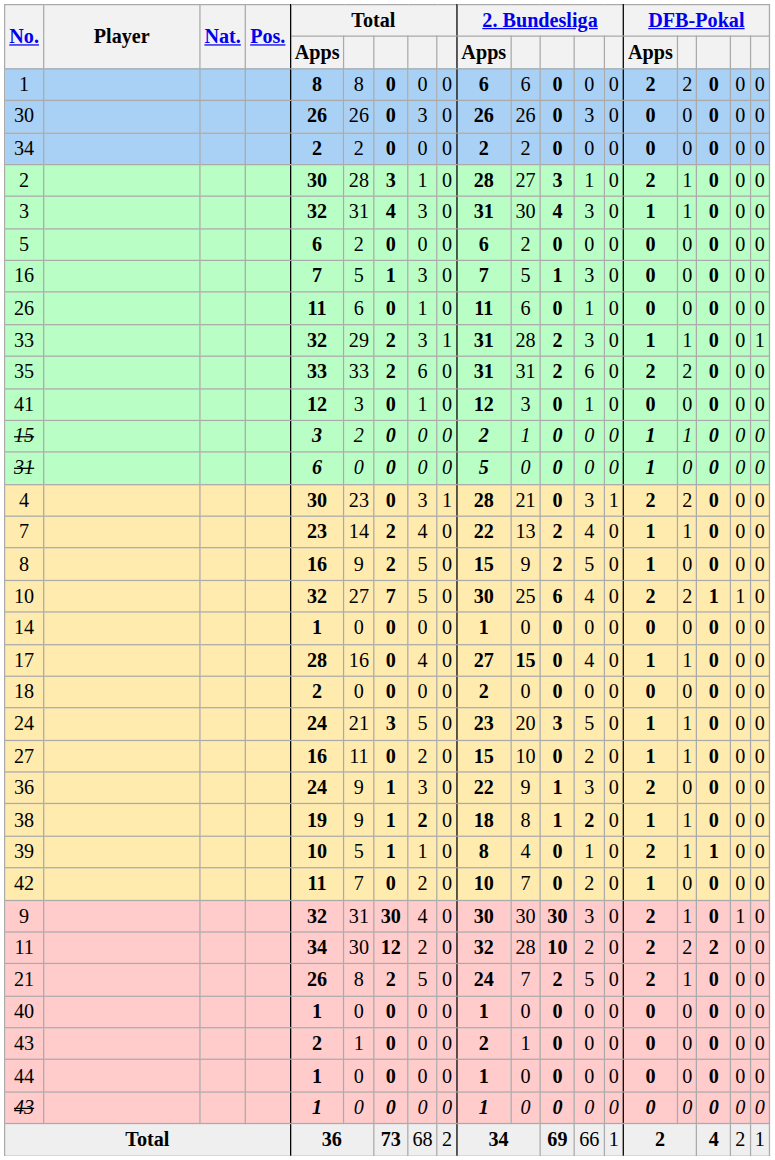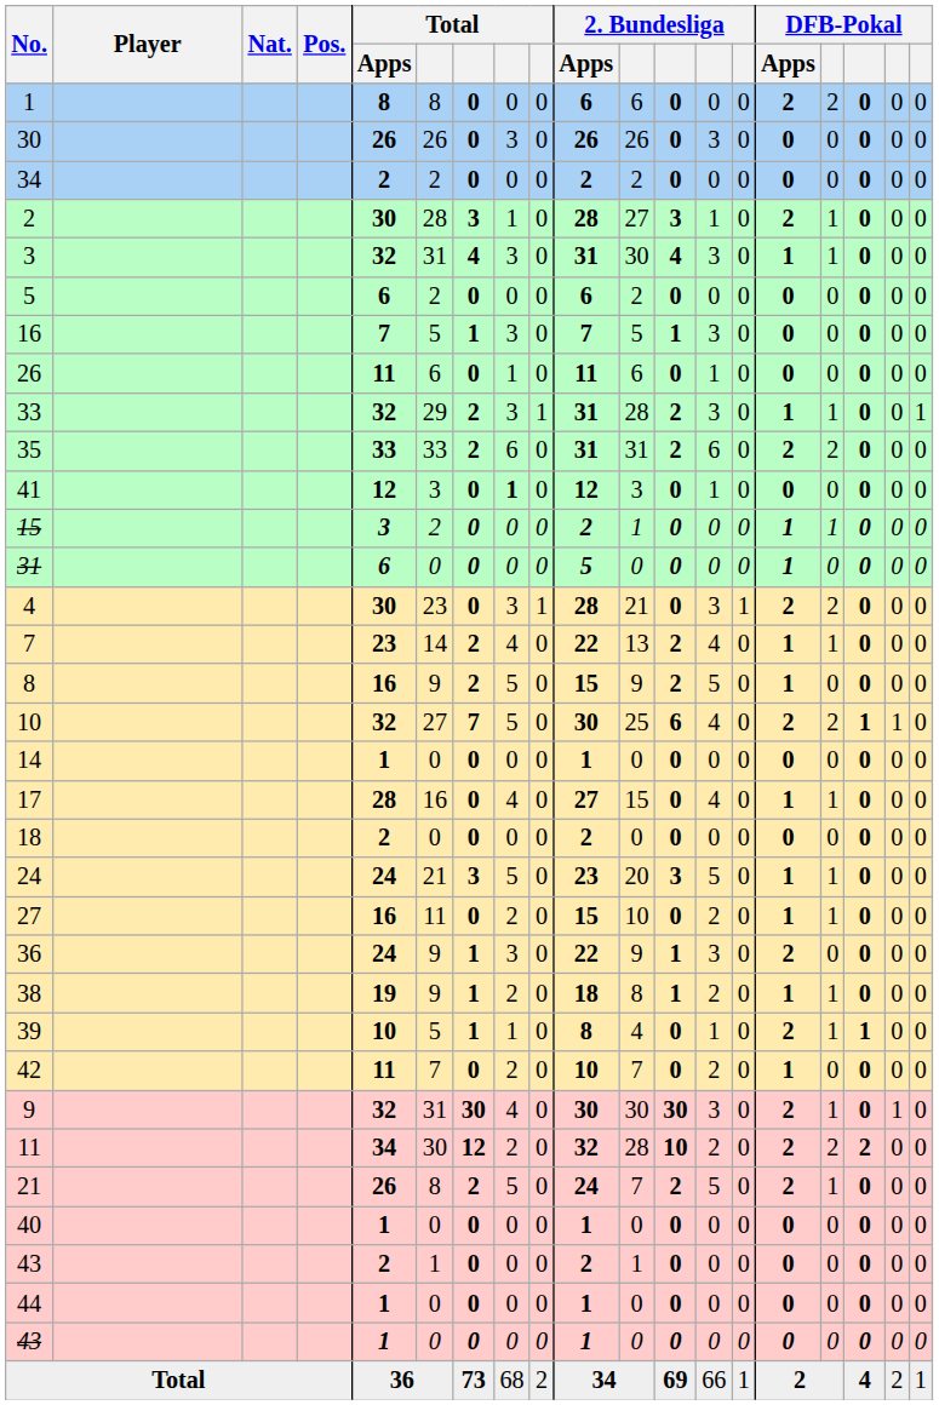 <table class="wikitable mw-datatable sortable nowrap" style=text-align:center>
 <tr>
 <th rowspan="2"><a href='#'>No.</a></th>
 <th rowspan="2" width=120>Player</th>
 <th rowspan="2"><a href='#'>Nat.</a></th>
 <th rowspan="2" style="border-right: 1pt black solid"><a href='#'>Pos.</a></th>
 <th colspan="5" style="border-right: 1pt black solid">Total</th>
 <th colspan="5" style="border-right: 1pt black solid"><a href='#'>2. Bundesliga</a></th>
 <th colspan="5"><a href='#'>DFB-Pokal</a></th>
 </tr>
 <tr>
 <th>Apps</th>
 <th></th>
 <th width=20></th>
 <th></th>
 <th style="border-right: 1pt black solid"></th>
 <th>Apps</th>
 <th></th>
 <th width=20></th>
 <th></th>
 <th style="border-right: 1pt black solid"></th>
 <th>Apps</th>
 <th></th>
 <th width=20></th>
 <th></th>
 <th></th>
 </tr>
 <tr style="background:#A9D0F5">
 <td>1</td>
 <td align="left"></td>
 <td></td>
 <td style="border-right: 1pt black solid"></td>
 <td><strong>8</strong></td>
 <td>8</td>
 <td><strong>0</strong></td>
 <td>0</td>
 <td style="border-right: 1pt black solid">0</td>
 <td><strong>6</strong></td>
 <td>6</td>
 <td><strong>0</strong></td>
 <td>0</td>
 <td style="border-right: 1pt black solid">0</td>
 <td><strong>2</strong></td>
 <td>2</td>
 <td><strong>0</strong></td>
 <td>0</td>
 <td>0</td>
 </tr>
 <tr style="background:#A9D0F5">
 <td>30</td>
 <td align="left"></td>
 <td></td>
 <td style="border-right: 1pt black solid"></td>
 <td><strong>26</strong></td>
 <td>26</td>
 <td><strong>0</strong></td>
 <td>3</td>
 <td style="border-right: 1pt black solid">0</td>
 <td><strong>26</strong></td>
 <td>26</td>
 <td><strong>0</strong></td>
 <td>3</td>
 <td style="border-right: 1pt black solid">0</td>
 <td><strong>0</strong></td>
 <td>0</td>
 <td><strong>0</strong></td>
 <td>0</td>
 <td>0</td>
 </tr>
 <tr style="background:#A9D0F5">
 <td>34</td>
 <td align="left"></td>
 <td></td>
 <td style="border-right: 1pt black solid"></td>
 <td><strong>2</strong></td>
 <td>2</td>
 <td><strong>0</strong></td>
 <td>0</td>
 <td style="border-right: 1pt black solid">0</td>
 <td><strong>2</strong></td>
 <td>2</td>
 <td><strong>0</strong></td>
 <td>0</td>
 <td style="border-right: 1pt black solid">0</td>
 <td><strong>0</strong></td>
 <td>0</td>
 <td><strong>0</strong></td>
 <td>0</td>
 <td>0</td>
 </tr>
 <tr style="background:#B9FFC5">
 <td>2</td>
 <td align="left"></td>
 <td></td>
 <td style="border-right: 1pt black solid"></td>
 <td><strong>30</strong></td>
 <td>28</td>
 <td><strong>3</strong></td>
 <td>1</td>
 <td style="border-right: 1pt black solid">0</td>
 <td><strong>28</strong></td>
 <td>27</td>
 <td><strong>3</strong></td>
 <td>1</td>
 <td style="border-right: 1pt black solid">0</td>
 <td><strong>2</strong></td>
 <td>1</td>
 <td><strong>0</strong></td>
 <td>0</td>
 <td>0</td>
 </tr>
 <tr style="background:#B9FFC5">
 <td>3</td>
 <td align="left"></td>
 <td></td>
 <td style="border-right: 1pt black solid"></td>
 <td><strong>32</strong></td>
 <td>31</td>
 <td><strong>4</strong></td>
 <td>3</td>
 <td style="border-right: 1pt black solid">0</td>
 <td><strong>31</strong></td>
 <td>30</td>
 <td><strong>4</strong></td>
 <td>3</td>
 <td style="border-right: 1pt black solid">0</td>
 <td><strong>1</strong></td>
 <td>1</td>
 <td><strong>0</strong></td>
 <td>0</td>
 <td>0</td>
 </tr>
 <tr style="background:#B9FFC5">
 <td>5</td>
 <td align="left"></td>
 <td></td>
 <td style="border-right: 1pt black solid"></td>
 <td><strong>6</strong></td>
 <td>2</td>
 <td><strong>0</strong></td>
 <td>0</td>
 <td style="border-right: 1pt black solid">0</td>
 <td><strong>6</strong></td>
 <td>2</td>
 <td><strong>0</strong></td>
 <td>0</td>
 <td style="border-right: 1pt black solid">0</td>
 <td><strong>0</strong></td>
 <td>0</td>
 <td><strong>0</strong></td>
 <td>0</td>
 <td>0</td>
 </tr>
 <tr style="background:#B9FFC5">
 <td>16</td>
 <td align="left"></td>
 <td></td>
 <td style="border-right: 1pt black solid"></td>
 <td><strong>7</strong></td>
 <td>5</td>
 <td><strong>1</strong></td>
 <td>3</td>
 <td style="border-right: 1pt black solid">0</td>
 <td><strong>7</strong></td>
 <td>5</td>
 <td><strong>1</strong></td>
 <td>3</td>
 <td style="border-right: 1pt black solid">0</td>
 <td><strong>0</strong></td>
 <td>0</td>
 <td><strong>0</strong></td>
 <td>0</td>
 <td>0</td>
 </tr>
 <tr style="background:#B9FFC5">
 <td>26</td>
 <td align="left"></td>
 <td></td>
 <td style="border-right: 1pt black solid"></td>
 <td><strong>11</strong></td>
 <td>6</td>
 <td><strong>0</strong></td>
 <td>1</td>
 <td style="border-right: 1pt black solid">0</td>
 <td><strong>11</strong></td>
 <td>6</td>
 <td><strong>0</strong></td>
 <td>1</td>
 <td style="border-right: 1pt black solid">0</td>
 <td><strong>0</strong></td>
 <td>0</td>
 <td><strong>0</strong></td>
 <td>0</td>
 <td>0</td>
 </tr>
 <tr style="background:#B9FFC5">
 <td>33</td>
 <td align="left"></td>
 <td></td>
 <td style="border-right: 1pt black solid"></td>
 <td><strong>32</strong></td>
 <td>29</td>
 <td><strong>2</strong></td>
 <td>3</td>
 <td style="border-right: 1pt black solid">1</td>
 <td><strong>31</strong></td>
 <td>28</td>
 <td><strong>2</strong></td>
 <td>3</td>
 <td style="border-right: 1pt black solid">0</td>
 <td><strong>1</strong></td>
 <td>1</td>
 <td><strong>0</strong></td>
 <td>0</td>
 <td>1</td>
 </tr>
 <tr style="background:#B9FFC5">
 <td>35</td>
 <td align="left"></td>
 <td></td>
 <td style="border-right: 1pt black solid"></td>
 <td><strong>33</strong></td>
 <td>33</td>
 <td><strong>2</strong></td>
 <td>6</td>
 <td style="border-right: 1pt black solid">0</td>
 <td><strong>31</strong></td>
 <td>31</td>
 <td><strong>2</strong></td>
 <td>6</td>
 <td style="border-right: 1pt black solid">0</td>
 <td><strong>2</strong></td>
 <td>2</td>
 <td><strong>0</strong></td>
 <td>0</td>
 <td>0</td>
 </tr>
 <tr style="background:#B9FFC5">
 <td>41</td>
 <td align="left"></td>
 <td></td>
 <td style="border-right: 1pt black solid"></td>
 <td><strong>12</strong></td>
 <td>3</td>
 <td><strong>0</strong></td>
-<td>1</td>
+<td><strong>1</strong></td>
 <td style="border-right: 1pt black solid">0</td>
 <td><strong>12</strong></td>
 <td>3</td>
 <td><strong>0</strong></td>
 <td>1</td>
 <td style="border-right: 1pt black solid">0</td>
 <td><strong>0</strong></td>
 <td>0</td>
 <td><strong>0</strong></td>
 <td>0</td>
 <td>0</td>
 </tr>
 <tr style="font-style:italic; background:#B9FFC5;">
 <td><s>15</s></td>
 <td align="left"></td>
 <td></td>
 <td style="border-right: 1pt black solid"></td>
 <td><strong>3</strong></td>
 <td>2</td>
 <td><strong>0</strong></td>
 <td>0</td>
 <td style="border-right: 1pt black solid">0</td>
 <td><strong>2</strong></td>
 <td>1</td>
 <td><strong>0</strong></td>
 <td>0</td>
 <td style="border-right: 1pt black solid">0</td>
 <td><strong>1</strong></td>
 <td>1</td>
 <td><strong>0</strong></td>
 <td>0</td>
 <td>0</td>
 </tr>
 <tr style="font-style:italic; background:#B9FFC5;">
 <td><s>31</s></td>
 <td align="left"></td>
 <td></td>
 <td style="border-right: 1pt black solid"></td>
 <td><strong>6</strong></td>
 <td>0</td>
 <td><strong>0</strong></td>
 <td>0</td>
 <td style="border-right: 1pt black solid">0</td>
 <td><strong>5</strong></td>
 <td>0</td>
 <td><strong>0</strong></td>
 <td>0</td>
 <td style="border-right: 1pt black solid">0</td>
 <td><strong>1</strong></td>
 <td>0</td>
 <td><strong>0</strong></td>
 <td>0</td>
 <td>0</td>
 </tr>
 <tr style="background:#FFEBAD">
 <td>4</td>
 <td align="left"></td>
 <td></td>
 <td style="border-right: 1pt black solid"></td>
 <td><strong>30</strong></td>
 <td>23</td>
 <td><strong>0</strong></td>
 <td>3</td>
 <td style="border-right: 1pt black solid">1</td>
 <td><strong>28</strong></td>
 <td>21</td>
 <td><strong>0</strong></td>
 <td>3</td>
 <td style="border-right: 1pt black solid">1</td>
 <td><strong>2</strong></td>
 <td>2</td>
 <td><strong>0</strong></td>
 <td>0</td>
 <td>0</td>
 </tr>
 <tr style="background:#FFEBAD">
 <td>7</td>
 <td align="left"></td>
 <td></td>
 <td style="border-right: 1pt black solid"></td>
 <td><strong>23</strong></td>
 <td>14</td>
 <td><strong>2</strong></td>
 <td>4</td>
 <td style="border-right: 1pt black solid">0</td>
 <td><strong>22</strong></td>
 <td>13</td>
 <td><strong>2</strong></td>
 <td>4</td>
 <td style="border-right: 1pt black solid">0</td>
 <td><strong>1</strong></td>
 <td>1</td>
 <td><strong>0</strong></td>
 <td>0</td>
 <td>0</td>
 </tr>
 <tr style="background:#FFEBAD">
 <td>8</td>
 <td align="left"></td>
 <td></td>
 <td style="border-right: 1pt black solid"></td>
 <td><strong>16</strong></td>
 <td>9</td>
 <td><strong>2</strong></td>
 <td>5</td>
 <td style="border-right: 1pt black solid">0</td>
 <td><strong>15</strong></td>
 <td>9</td>
 <td><strong>2</strong></td>
 <td>5</td>
 <td style="border-right: 1pt black solid">0</td>
 <td><strong>1</strong></td>
 <td>0</td>
 <td><strong>0</strong></td>
 <td>0</td>
 <td>0</td>
 </tr>
 <tr style="background:#FFEBAD">
 <td>10</td>
 <td align="left"></td>
 <td></td>
 <td style="border-right: 1pt black solid"></td>
 <td><strong>32</strong></td>
 <td>27</td>
 <td><strong>7</strong></td>
 <td>5</td>
 <td style="border-right: 1pt black solid">0</td>
 <td><strong>30</strong></td>
 <td>25</td>
 <td><strong>6</strong></td>
 <td>4</td>
 <td style="border-right: 1pt black solid">0</td>
 <td><strong>2</strong></td>
 <td>2</td>
 <td><strong>1</strong></td>
 <td>1</td>
 <td>0</td>
 </tr>
 <tr style="background:#FFEBAD">
 <td>14</td>
 <td align="left"></td>
 <td></td>
 <td style="border-right: 1pt black solid"></td>
 <td><strong>1</strong></td>
 <td>0</td>
 <td><strong>0</strong></td>
 <td>0</td>
 <td style="border-right: 1pt black solid">0</td>
 <td><strong>1</strong></td>
 <td>0</td>
 <td><strong>0</strong></td>
 <td>0</td>
 <td style="border-right: 1pt black solid">0</td>
 <td><strong>0</strong></td>
 <td>0</td>
 <td><strong>0</strong></td>
 <td>0</td>
 <td>0</td>
 </tr>
 <tr style="background:#FFEBAD">
 <td>17</td>
 <td align="left"></td>
 <td></td>
 <td style="border-right: 1pt black solid"></td>
 <td><strong>28</strong></td>
 <td>16</td>
 <td><strong>0</strong></td>
 <td>4</td>
 <td style="border-right: 1pt black solid">0</td>
 <td><strong>27</strong></td>
-<td><strong>15</strong></td>
+<td>15</td>
 <td><strong>0</strong></td>
 <td>4</td>
 <td style="border-right: 1pt black solid">0</td>
 <td><strong>1</strong></td>
 <td>1</td>
 <td><strong>0</strong></td>
 <td>0</td>
 <td>0</td>
 </tr>
 <tr style="background:#FFEBAD">
 <td>18</td>
 <td align="left"></td>
 <td></td>
 <td style="border-right: 1pt black solid"></td>
 <td><strong>2</strong></td>
 <td>0</td>
 <td><strong>0</strong></td>
 <td>0</td>
 <td style="border-right: 1pt black solid">0</td>
 <td><strong>2</strong></td>
 <td>0</td>
 <td><strong>0</strong></td>
 <td>0</td>
 <td style="border-right: 1pt black solid">0</td>
 <td><strong>0</strong></td>
 <td>0</td>
 <td><strong>0</strong></td>
 <td>0</td>
 <td>0</td>
 </tr>
 <tr style="background:#FFEBAD">
 <td>24</td>
 <td align="left"></td>
 <td></td>
 <td style="border-right: 1pt black solid"></td>
 <td><strong>24</strong></td>
 <td>21</td>
 <td><strong>3</strong></td>
 <td>5</td>
 <td style="border-right: 1pt black solid">0</td>
 <td><strong>23</strong></td>
 <td>20</td>
 <td><strong>3</strong></td>
 <td>5</td>
 <td style="border-right: 1pt black solid">0</td>
 <td><strong>1</strong></td>
 <td>1</td>
 <td><strong>0</strong></td>
 <td>0</td>
 <td>0</td>
 </tr>
 <tr style="background:#FFEBAD">
 <td>27</td>
 <td align="left"></td>
 <td></td>
 <td style="border-right: 1pt black solid"></td>
 <td><strong>16</strong></td>
 <td>11</td>
 <td><strong>0</strong></td>
 <td>2</td>
 <td style="border-right: 1pt black solid">0</td>
 <td><strong>15</strong></td>
 <td>10</td>
 <td><strong>0</strong></td>
 <td>2</td>
 <td style="border-right: 1pt black solid">0</td>
 <td><strong>1</strong></td>
 <td>1</td>
 <td><strong>0</strong></td>
 <td>0</td>
 <td>0</td>
 </tr>
 <tr style="background:#FFEBAD">
 <td>36</td>
 <td align="left"></td>
 <td></td>
 <td style="border-right: 1pt black solid"></td>
 <td><strong>24</strong></td>
 <td>9</td>
 <td><strong>1</strong></td>
 <td>3</td>
 <td style="border-right: 1pt black solid">0</td>
 <td><strong>22</strong></td>
 <td>9</td>
 <td><strong>1</strong></td>
 <td>3</td>
 <td style="border-right: 1pt black solid">0</td>
 <td><strong>2</strong></td>
 <td>0</td>
 <td><strong>0</strong></td>
 <td>0</td>
 <td>0</td>
 </tr>
 <tr style="background:#FFEBAD">
 <td>38</td>
 <td align="left"></td>
 <td></td>
 <td style="border-right: 1pt black solid"></td>
 <td><strong>19</strong></td>
 <td>9</td>
 <td><strong>1</strong></td>
-<td><strong>2</strong></td>
+<td>2</td>
 <td style="border-right: 1pt black solid">0</td>
 <td><strong>18</strong></td>
 <td>8</td>
 <td><strong>1</strong></td>
-<td><strong>2</strong></td>
+<td>2</td>
 <td style="border-right: 1pt black solid">0</td>
 <td><strong>1</strong></td>
 <td>1</td>
 <td><strong>0</strong></td>
 <td>0</td>
 <td>0</td>
 </tr>
 <tr style="background:#FFEBAD">
 <td>39</td>
 <td align="left"></td>
 <td></td>
 <td style="border-right: 1pt black solid"></td>
 <td><strong>10</strong></td>
 <td>5</td>
 <td><strong>1</strong></td>
 <td>1</td>
 <td style="border-right: 1pt black solid">0</td>
 <td><strong>8</strong></td>
 <td>4</td>
 <td><strong>0</strong></td>
 <td>1</td>
 <td style="border-right: 1pt black solid">0</td>
 <td><strong>2</strong></td>
 <td>1</td>
 <td><strong>1</strong></td>
 <td>0</td>
 <td>0</td>
 </tr>
 <tr style="background:#FFEBAD">
 <td>42</td>
 <td align="left"></td>
 <td></td>
 <td style="border-right: 1pt black solid"></td>
 <td><strong>11</strong></td>
 <td>7</td>
 <td><strong>0</strong></td>
 <td>2</td>
 <td style="border-right: 1pt black solid">0</td>
 <td><strong>10</strong></td>
 <td>7</td>
 <td><strong>0</strong></td>
 <td>2</td>
 <td style="border-right: 1pt black solid">0</td>
 <td><strong>1</strong></td>
 <td>0</td>
 <td><strong>0</strong></td>
 <td>0</td>
 <td>0</td>
 </tr>
 <tr style="background:#FFCBCB">
 <td>9</td>
 <td align="left"></td>
 <td></td>
 <td style="border-right: 1pt black solid"></td>
 <td><strong>32</strong></td>
 <td>31</td>
 <td><strong>30</strong></td>
 <td>4</td>
 <td style="border-right: 1pt black solid">0</td>
 <td><strong>30</strong></td>
 <td>30</td>
 <td><strong>30</strong></td>
 <td>3</td>
 <td style="border-right: 1pt black solid">0</td>
 <td><strong>2</strong></td>
 <td>1</td>
 <td><strong>0</strong></td>
 <td>1</td>
 <td>0</td>
 </tr>
 <tr style="background:#FFCBCB">
 <td>11</td>
 <td align="left"></td>
 <td></td>
 <td style="border-right: 1pt black solid"></td>
 <td><strong>34</strong></td>
 <td>30</td>
 <td><strong>12</strong></td>
 <td>2</td>
 <td style="border-right: 1pt black solid">0</td>
 <td><strong>32</strong></td>
 <td>28</td>
 <td><strong>10</strong></td>
 <td>2</td>
 <td style="border-right: 1pt black solid">0</td>
 <td><strong>2</strong></td>
 <td>2</td>
 <td><strong>2</strong></td>
 <td>0</td>
 <td>0</td>
 </tr>
 <tr style="background:#FFCBCB">
 <td>21</td>
 <td align="left"></td>
 <td></td>
 <td style="border-right: 1pt black solid"></td>
 <td><strong>26</strong></td>
 <td>8</td>
 <td><strong>2</strong></td>
 <td>5</td>
 <td style="border-right: 1pt black solid">0</td>
 <td><strong>24</strong></td>
 <td>7</td>
 <td><strong>2</strong></td>
 <td>5</td>
 <td style="border-right: 1pt black solid">0</td>
 <td><strong>2</strong></td>
 <td>1</td>
 <td><strong>0</strong></td>
 <td>0</td>
 <td>0</td>
 </tr>
 <tr style="background:#FFCBCB">
 <td>40</td>
 <td align="left"></td>
 <td></td>
 <td style="border-right: 1pt black solid"></td>
 <td><strong>1</strong></td>
 <td>0</td>
 <td><strong>0</strong></td>
 <td>0</td>
 <td style="border-right: 1pt black solid">0</td>
 <td><strong>1</strong></td>
 <td>0</td>
 <td><strong>0</strong></td>
 <td>0</td>
 <td style="border-right: 1pt black solid">0</td>
 <td><strong>0</strong></td>
 <td>0</td>
 <td><strong>0</strong></td>
 <td>0</td>
 <td>0</td>
 </tr>
 <tr style="background:#FFCBCB">
 <td>43</td>
 <td align="left"></td>
 <td></td>
 <td style="border-right: 1pt black solid"></td>
 <td><strong>2</strong></td>
 <td>1</td>
 <td><strong>0</strong></td>
 <td>0</td>
 <td style="border-right: 1pt black solid">0</td>
 <td><strong>2</strong></td>
 <td>1</td>
 <td><strong>0</strong></td>
 <td>0</td>
 <td style="border-right: 1pt black solid">0</td>
 <td><strong>0</strong></td>
 <td>0</td>
 <td><strong>0</strong></td>
 <td>0</td>
 <td>0</td>
 </tr>
 <tr style="background:#FFCBCB">
 <td>44</td>
 <td align="left"></td>
 <td></td>
 <td style="border-right: 1pt black solid"></td>
 <td><strong>1</strong></td>
 <td>0</td>
 <td><strong>0</strong></td>
 <td>0</td>
 <td style="border-right: 1pt black solid">0</td>
 <td><strong>1</strong></td>
 <td>0</td>
 <td><strong>0</strong></td>
 <td>0</td>
 <td style="border-right: 1pt black solid">0</td>
 <td><strong>0</strong></td>
 <td>0</td>
 <td><strong>0</strong></td>
 <td>0</td>
 <td>0</td>
 </tr>
 <tr style="font-style:italic; background:#FFCBCB;">
 <td><s>43</s></td>
 <td align="left"></td>
 <td></td>
 <td style="border-right: 1pt black solid"></td>
 <td><strong>1</strong></td>
 <td>0</td>
 <td><strong>0</strong></td>
 <td>0</td>
 <td style="border-right: 1pt black solid">0</td>
 <td><strong>1</strong></td>
 <td>0</td>
 <td><strong>0</strong></td>
 <td>0</td>
 <td style="border-right: 1pt black solid">0</td>
 <td><strong>0</strong></td>
 <td>0</td>
 <td><strong>0</strong></td>
 <td>0</td>
 <td>0</td>
 </tr>
 <tr class="sortbottom" style="background:#EFEFEF">
 <td colspan="4" style="border-right: 1pt black solid"><strong>Total</strong></td>
 <td colspan="2"><strong>36</strong></td>
 <td><strong>73</strong></td>
 <td>68</td>
 <td style="border-right: 1pt black solid">2</td>
 <td colspan="2"><strong>34</strong></td>
 <td><strong>69</strong></td>
 <td>66</td>
 <td style="border-right: 1pt black solid">1</td>
 <td colspan="2"><strong>2</strong></td>
 <td><strong>4</strong></td>
 <td>2</td>
 <td>1</td>
 </tr>
 </table>
